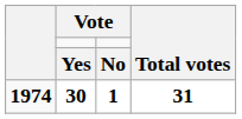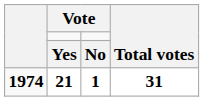 <table class=wikitable style="text-align:center">
 <tr style="vertical-align:bottom;">
 <th rowspan=3></th>
 <th colspan=2>Vote</th>
 <th rowspan=3>Total votes</th>
 </tr>
 <tr style="height:5px">
 <td style="background-color:"></td>
 <td style="background-color:"></td>
 </tr>
 <tr style="vertical-align:bottom;">
 <th>Yes</th>
 <th>No</th>
 </tr>
 <tr>
 <td><strong>1974</strong></td>
-<td style="background:#fff;"><strong>30</strong></td>
+<td style="background:#fff;"><strong>21</strong></td>
 <td style="background:#fff;"><strong>1</strong></td>
 <td style="background:#fff;"><strong>31</strong></td>
 </tr>
 </table>
